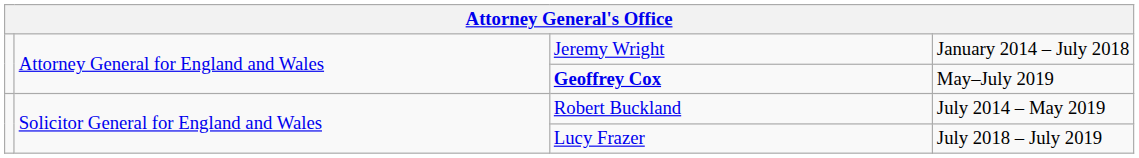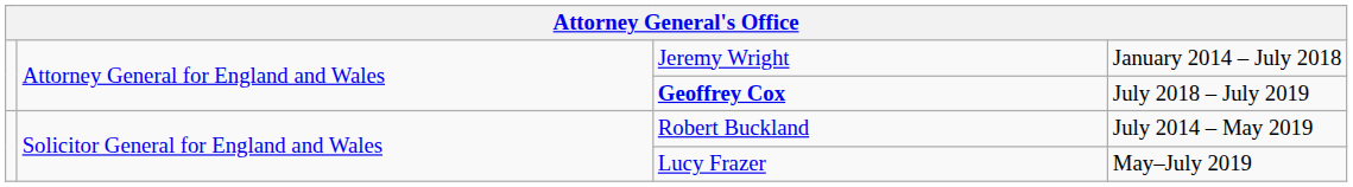 <table class="wikitable">
 <tr>
 <th colspan="4"><a href='#'>Attorney General's Office</a></th>
 </tr>
 <tr>
 <td rowspan="2" style="width: 1px; background: "></td>
 <td rowspan="2" style="width: 450px;"><a href='#'>Attorney General for England and Wales</a></td>
 <td style="width: 320px;"><a href='#'>Jeremy Wright</a></td>
 <td>January 2014 – July 2018</td>
 </tr>
 <tr>
 <td><strong><a href='#'>Geoffrey Cox</a></strong></td>
-<td>May–July 2019</td>
+<td>July 2018 – July 2019</td>
 </tr>
 <tr>
 <td rowspan="2" style="width: 1px; background: "></td>
 <td rowspan="2"><a href='#'>Solicitor General for England and Wales</a></td>
 <td><a href='#'>Robert Buckland</a></td>
 <td>July 2014 – May 2019</td>
 </tr>
 <tr>
 <td><a href='#'>Lucy Frazer</a></td>
-<td>July 2018 – July 2019</td>
+<td>May–July 2019</td>
 </tr>
 </table>
